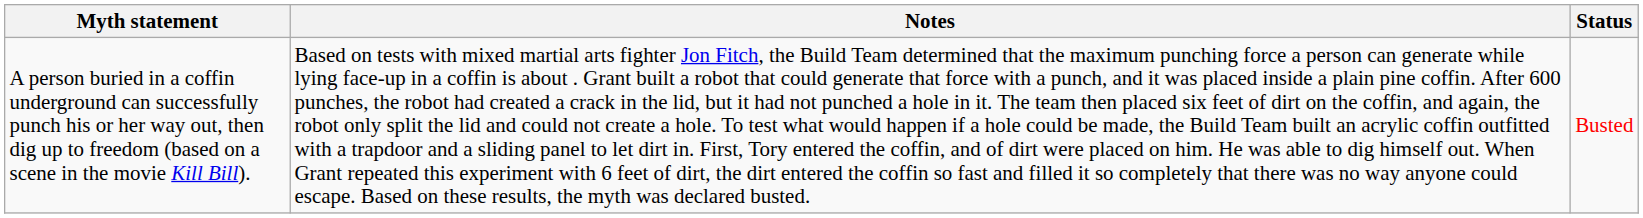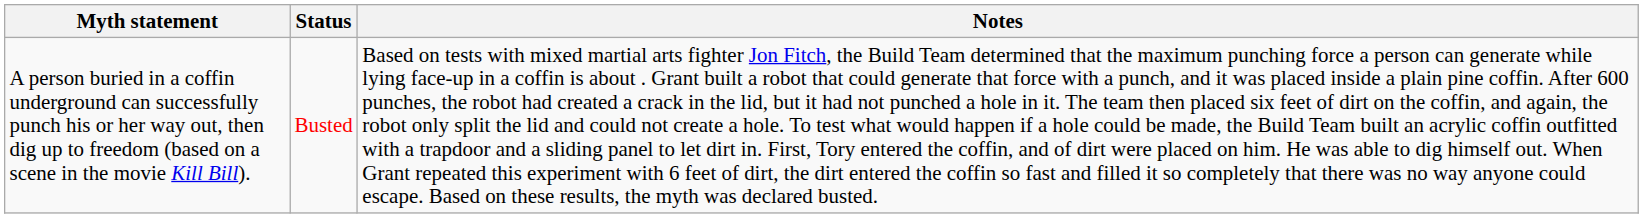 <table class="wikitable plainrowheaders">
 <tr>
 <th>Myth statement</th>
+<th>Status</th>
 <th>Notes</th>
-<th>Status</th>
 </tr>
 <tr>
 <td>A person buried in a coffin  underground can successfully punch his or her way out, then dig up to freedom (based on a scene in the movie <em><a href='#'>Kill Bill</a></em>).</td>
+<td style="color:red">Busted</td>
 <td>Based on tests with mixed martial arts fighter <a href='#'>Jon Fitch</a>, the Build Team determined that the maximum punching force a person can generate while lying face-up in a coffin is about . Grant built a robot that could generate that force with a  punch, and it was placed inside a plain pine coffin. After 600 punches, the robot had created a crack in the lid, but it had not punched a hole in it. The team then placed six feet of dirt on the coffin, and again, the robot only split the lid and could not create a hole. To test what would happen if a hole could be made, the Build Team built an acrylic coffin outfitted with a trapdoor and a sliding panel to let dirt in. First, Tory entered the coffin, and  of dirt were placed on him. He was able to dig himself out. When Grant repeated this experiment with 6 feet of dirt, the dirt entered the coffin so fast and filled it so completely that there was no way anyone could escape. Based on these results, the myth was declared busted.</td>
-<td style="color:red">Busted</td>
 </tr>
 </table>
